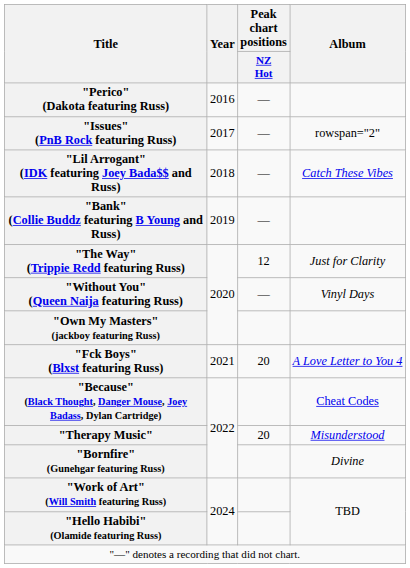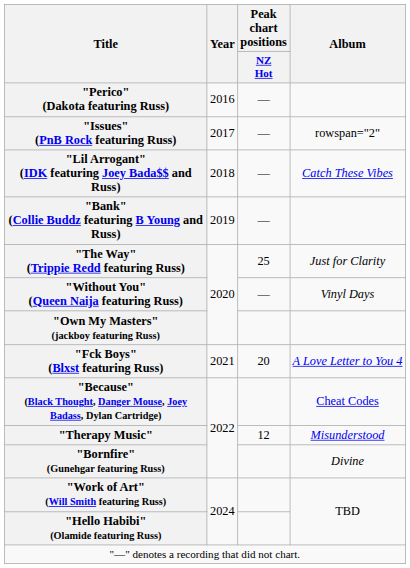 <table class="wikitable plainrowheaders" style="text-align:center;">
 <tr>
 <th scope="col" rowspan="2" style="width:16em;">Title</th>
 <th scope="col" rowspan="2" style="width:1em;">Year</th>
 <th scope="col" colspan="1">Peak chart positions</th>
 <th scope="col" rowspan="2">Album</th>
 </tr>
 <tr>
 <th scope="col" style="width:3em;font-size:90%;"><a href='#'>NZ<br>Hot</a><br></th>
 </tr>
 <tr>
 <th scope="row">"Perico"<br><span>(Dakota featuring Russ)</span></th>
 <td>2016</td>
 <td>—</td>
 <td></td>
 </tr>
 <tr>
 <th scope="row">"Issues"<br><span>(<a href='#'>PnB Rock</a> featuring Russ)</span></th>
 <td>2017</td>
 <td>—</td>
 <td>rowspan="2" </td>
 </tr>
 <tr>
 <th scope="row">"Lil Arrogant"<br><span>(<a href='#'>IDK</a> featuring <a href='#'>Joey Bada$$</a> and Russ)</span></th>
 <td>2018</td>
 <td>—</td>
 <td><em><a href='#'>Catch These Vibes</a></em></td>
 </tr>
 <tr>
 <th scope="row">"Bank"<br><span>(<a href='#'>Collie Buddz</a> featuring <a href='#'>B Young</a> and Russ)</span></th>
 <td>2019</td>
 <td>—</td>
 </tr>
 <tr>
 <th scope="row">"The Way"<br><span>(<a href='#'>Trippie Redd</a> featuring Russ)</span></th>
 <td rowspan="3">2020</td>
-<td>12</td>
+<td>25</td>
 <td><em>Just for Clarity</em></td>
 </tr>
 <tr>
 <th scope="row">"Without You"<br><span>(<a href='#'>Queen Naija</a> featuring Russ)</span></th>
 <td>—</td>
 <td><em>Vinyl Days</em></td>
 </tr>
 <tr>
 <th>"Own My Masters"<br><small>(jackboy featuring Russ)</small></th>
 <td></td>
 <td></td>
 </tr>
 <tr>
 <th scope="row">"Fck Boys"<br><span>(<a href='#'>Blxst</a> featuring Russ)</span></th>
 <td>2021</td>
 <td>20</td>
 <td><em><a href='#'>A Love Letter to You 4</a></em></td>
 </tr>
 <tr>
 <th>"Because"<br><small>(<a href='#'>Black Thought</a>, <a href='#'>Danger Mouse</a>, <a href='#'>Joey Badass</a>, Dylan Cartridge)</small></th>
 <td rowspan="3">2022</td>
 <td></td>
 <td><a href='#'>Cheat Codes</a></td>
 </tr>
 <tr>
 <th scope="row">"Therapy Music"<br></th>
-<td>20</td>
+<td>12</td>
 <td><em><a href='#'>Misunderstood</a></em></td>
 </tr>
 <tr>
 <th>"Bornfire"<br><small>(Gunehgar featuring Russ)</small></th>
 <td></td>
 <td><em>Divine</em></td>
 </tr>
 <tr>
 <th>"Work of Art"<br><small>(<a href='#'>Will Smith</a> featuring Russ)</small></th>
 <td rowspan="2">2024</td>
 <td></td>
 <td rowspan="2">TBD</td>
 </tr>
 <tr>
 <th>"Hello Habibi"<br><small>(Olamide featuring Russ)</small></th>
 <td></td>
 </tr>
 <tr>
 <td colspan="10" style="font-size:90%">"—" denotes a recording that did not chart.</td>
 </tr>
 </table>
